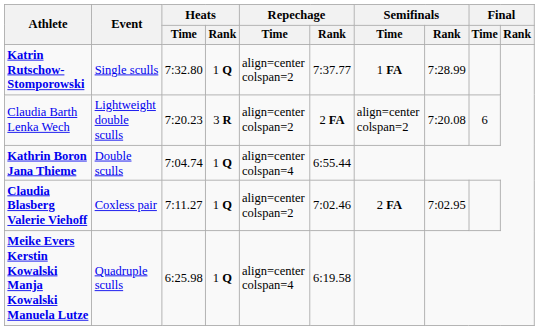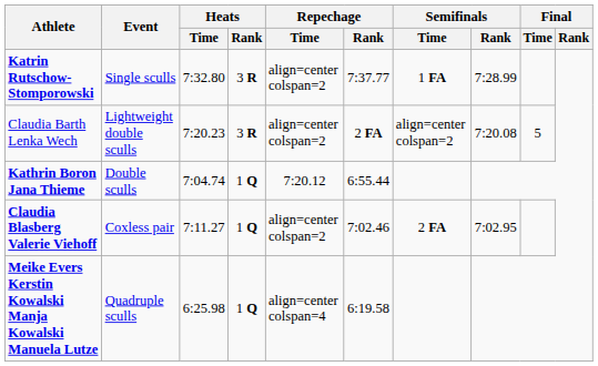 <table class="wikitable" style="font-size:90%;">
 <tr>
 <th rowspan="2">Athlete</th>
 <th rowspan="2">Event</th>
 <th colspan="2">Heats</th>
 <th colspan="2">Repechage</th>
 <th colspan="2">Semifinals</th>
 <th colspan="2">Final</th>
 </tr>
 <tr style="font-size:95%">
 <th>Time</th>
 <th>Rank</th>
 <th>Time</th>
 <th>Rank</th>
 <th>Time</th>
 <th>Rank</th>
 <th>Time</th>
 <th>Rank</th>
 </tr>
 <tr>
 <td align=left><strong><a href='#'>Katrin Rutschow-Stomporowski</a></strong></td>
 <td align=left><a href='#'>Single sculls</a></td>
 <td align=center>7:32.80</td>
-<td align=center>1 <strong>Q</strong></td>
+<td align=center>3 <strong>R</strong></td>
 <td>align=center colspan=2 </td>
 <td align=center>7:37.77</td>
 <td align=center>1 <strong>FA</strong></td>
 <td align=center>7:28.99</td>
 <td align=center></td>
 </tr>
 <tr>
 <td align=left><a href='#'>Claudia Barth</a><br> <a href='#'>Lenka Wech</a></td>
 <td align=left><a href='#'>Lightweight double sculls</a></td>
 <td align=center>7:20.23</td>
 <td align=center>3 <strong>R</strong></td>
 <td>align=center colspan=2 </td>
 <td align=center>2 <strong>FA</strong></td>
 <td>align=center colspan=2 </td>
 <td align=center>7:20.08</td>
-<td align=center>6</td>
+<td align=center>5</td>
 </tr>
 <tr>
 <td align=left><strong><a href='#'>Kathrin Boron</a></strong><br> <strong><a href='#'>Jana Thieme</a></strong></td>
 <td align=left><a href='#'>Double sculls</a></td>
 <td align=center>7:04.74</td>
 <td align=center>1 <strong>Q</strong></td>
-<td>align=center colspan=4 </td>
+<td align=center>7:20.12</td>
 <td align=center>6:55.44</td>
 <td align=center></td>
 </tr>
 <tr>
 <td align=left><strong><a href='#'>Claudia Blasberg</a></strong><br> <strong><a href='#'>Valerie Viehoff</a></strong></td>
 <td align=left><a href='#'>Coxless pair</a></td>
 <td align=center>7:11.27</td>
 <td align=center>1 <strong>Q</strong></td>
 <td>align=center colspan=2 </td>
 <td align=center>7:02.46</td>
 <td align=center>2 <strong>FA</strong></td>
 <td align=center>7:02.95</td>
 <td align=center></td>
 </tr>
 <tr>
 <td align=left><strong><a href='#'>Meike Evers</a></strong><br> <strong><a href='#'>Kerstin Kowalski</a></strong><br> <strong><a href='#'>Manja Kowalski</a></strong><br> <strong><a href='#'>Manuela Lutze</a></strong></td>
 <td align=left><a href='#'>Quadruple sculls</a></td>
 <td align=center>6:25.98</td>
 <td align=center>1 <strong>Q</strong></td>
 <td>align=center colspan=4 </td>
 <td align=center>6:19.58</td>
 <td align=center></td>
 </tr>
 </table>
